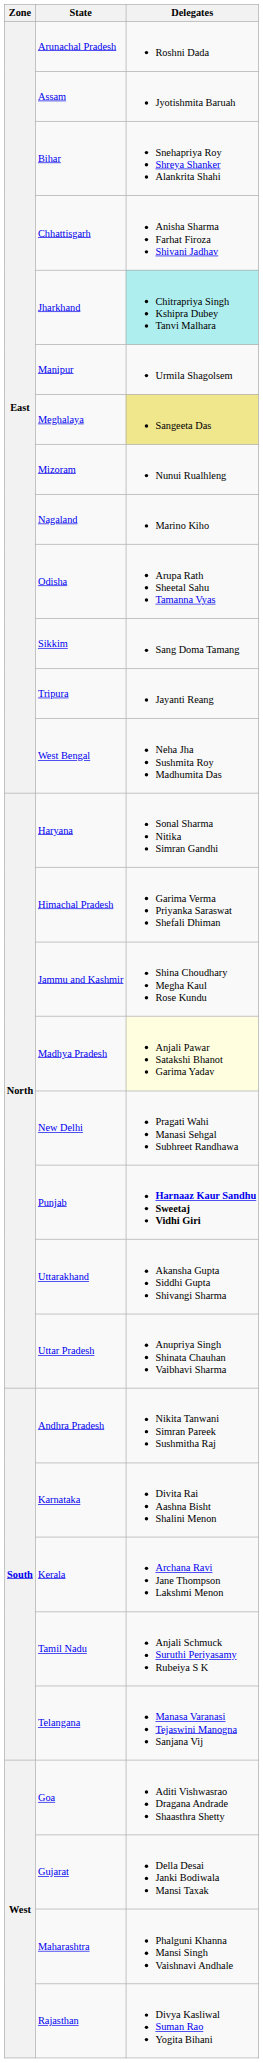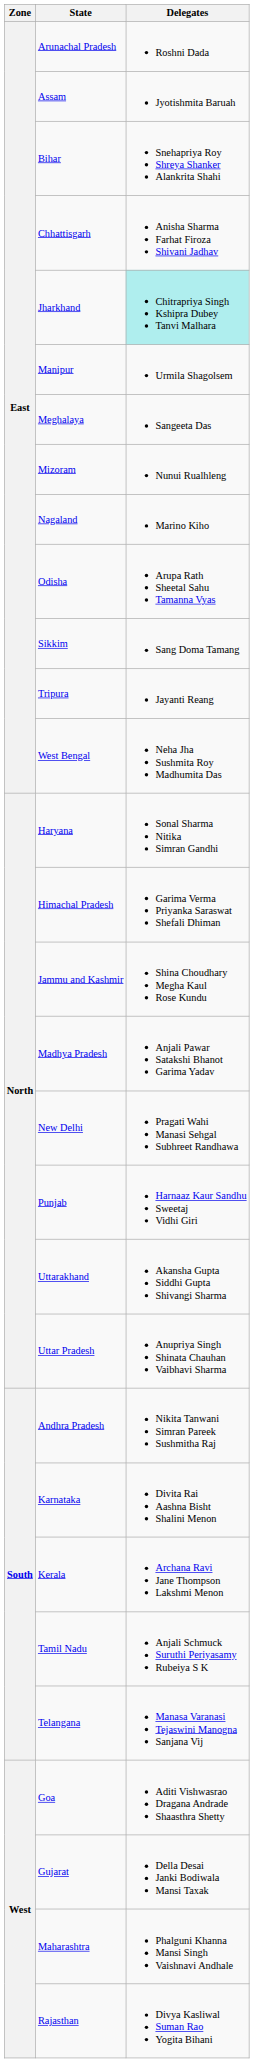 <table class="wikitable sortable" style="font-size: 95%;">
 <tr>
 <th>Zone</th>
 <th>State</th>
 <th>Delegates</th>
 </tr>
 <tr>
 <th rowspan=13>East</th>
 <td><a href='#'>Arunachal Pradesh</a></td>
 <td><br><ul><li>Roshni Dada</li></ul></td>
 </tr>
 <tr>
 <td><a href='#'>Assam</a></td>
 <td><br><ul><li>Jyotishmita Baruah</li></ul></td>
 </tr>
 <tr>
 <td><a href='#'>Bihar</a></td>
 <td><br><ul><li>Snehapriya Roy</li><li><a href='#'>Shreya Shanker</a></li><li>Alankrita Shahi</li></ul></td>
 </tr>
 <tr>
 <td><a href='#'>Chhattisgarh</a></td>
 <td><br><ul><li>Anisha Sharma</li><li>Farhat Firoza</li><li><a href='#'>Shivani Jadhav</a></li></ul></td>
 </tr>
 <tr>
 <td><a href='#'>Jharkhand</a></td>
 <td style="background: paleturquoise;"><br><ul><li>Chitrapriya Singh</li><li>Kshipra Dubey</li><li>Tanvi Malhara</li></ul></td>
 </tr>
 <tr>
 <td><a href='#'>Manipur</a></td>
 <td><br><ul><li>Urmila Shagolsem</li></ul></td>
 </tr>
 <tr>
 <td><a href='#'>Meghalaya</a></td>
-<td style="background: khaki;"><br><ul><li>Sangeeta Das</li></ul></td>
+<td><br><ul><li>Sangeeta Das</li></ul></td>
 </tr>
 <tr>
 <td><a href='#'>Mizoram</a></td>
 <td><br><ul><li>Nunui Rualhleng</li></ul></td>
 </tr>
 <tr>
 <td><a href='#'>Nagaland</a></td>
 <td><br><ul><li>Marino Kiho</li></ul></td>
 </tr>
 <tr>
 <td><a href='#'>Odisha</a></td>
 <td><br><ul><li>Arupa Rath</li><li>Sheetal Sahu</li><li><a href='#'>Tamanna Vyas</a></li></ul></td>
 </tr>
 <tr>
 <td><a href='#'>Sikkim</a></td>
 <td><br><ul><li>Sang Doma Tamang</li></ul></td>
 </tr>
 <tr>
 <td><a href='#'>Tripura</a></td>
 <td><br><ul><li>Jayanti Reang</li></ul></td>
 </tr>
 <tr>
 <td><a href='#'>West Bengal</a></td>
 <td><br><ul><li>Neha Jha</li><li>Sushmita Roy</li><li>Madhumita Das</li></ul></td>
 </tr>
 <tr>
 <th rowspan=8>North</th>
 <td><a href='#'>Haryana</a></td>
 <td><br><ul><li>Sonal Sharma</li><li>Nitika</li><li>Simran Gandhi</li></ul></td>
 </tr>
 <tr>
 <td><a href='#'>Himachal Pradesh</a></td>
 <td><br><ul><li>Garima Verma</li><li>Priyanka Saraswat</li><li>Shefali Dhiman</li></ul></td>
 </tr>
 <tr>
 <td><a href='#'>Jammu and Kashmir</a></td>
 <td><br><ul><li>Shina Choudhary</li><li>Megha Kaul</li><li>Rose Kundu</li></ul></td>
 </tr>
 <tr>
 <td><a href='#'>Madhya Pradesh</a></td>
-<td style="background: lightyellow;"><br><ul><li>Anjali Pawar</li><li>Satakshi Bhanot</li><li>Garima Yadav</li></ul></td>
+<td><br><ul><li>Anjali Pawar</li><li>Satakshi Bhanot</li><li>Garima Yadav</li></ul></td>
 </tr>
 <tr>
 <td><a href='#'>New Delhi</a></td>
 <td><br><ul><li>Pragati Wahi</li><li>Manasi Sehgal</li><li>Subhreet Randhawa</li></ul></td>
 </tr>
 <tr>
 <td><a href='#'>Punjab</a></td>
-<td><strong><br><ul><li><a href='#'>Harnaaz Kaur Sandhu</a></li><li>Sweetaj</li><li>Vidhi Giri</li></ul></strong></td>
+<td><br><ul><li><a href='#'>Harnaaz Kaur Sandhu</a></li><li>Sweetaj</li><li>Vidhi Giri</li></ul></td>
 </tr>
 <tr>
 <td><a href='#'>Uttarakhand</a></td>
 <td><br><ul><li>Akansha Gupta</li><li>Siddhi Gupta</li><li>Shivangi Sharma</li></ul></td>
 </tr>
 <tr>
 <td><a href='#'>Uttar Pradesh</a></td>
 <td><br><ul><li>Anupriya Singh</li><li>Shinata Chauhan</li><li>Vaibhavi Sharma</li></ul></td>
 </tr>
 <tr>
 <th rowspan=5><a href='#'>South</a></th>
 <td><a href='#'>Andhra Pradesh</a></td>
 <td><br><ul><li>Nikita Tanwani</li><li>Simran Pareek</li><li>Sushmitha Raj</li></ul></td>
 </tr>
 <tr>
 <td><a href='#'>Karnataka</a></td>
 <td><br><ul><li>Divita Rai</li><li>Aashna Bisht</li><li>Shalini Menon</li></ul></td>
 </tr>
 <tr>
 <td><a href='#'>Kerala</a></td>
 <td><br><ul><li><a href='#'>Archana Ravi</a></li><li>Jane Thompson</li><li>Lakshmi Menon</li></ul></td>
 </tr>
 <tr>
 <td><a href='#'>Tamil Nadu</a></td>
 <td><br><ul><li>Anjali Schmuck</li><li><a href='#'>Suruthi Periyasamy</a></li><li>Rubeiya S K</li></ul></td>
 </tr>
 <tr>
 <td><a href='#'>Telangana</a></td>
 <td><br><ul><li><a href='#'>Manasa Varanasi</a></li><li><a href='#'>Tejaswini Manogna</a></li><li>Sanjana Vij</li></ul></td>
 </tr>
 <tr>
 <th rowspan=4>West</th>
 <td><a href='#'>Goa</a></td>
 <td><br><ul><li>Aditi Vishwasrao</li><li>Dragana Andrade</li><li>Shaasthra Shetty</li></ul></td>
 </tr>
 <tr>
 <td><a href='#'>Gujarat</a></td>
 <td><br><ul><li>Della Desai</li><li>Janki Bodiwala</li><li>Mansi Taxak</li></ul></td>
 </tr>
 <tr>
 <td><a href='#'>Maharashtra</a></td>
 <td><br><ul><li>Phalguni Khanna</li><li>Mansi Singh</li><li>Vaishnavi Andhale</li></ul></td>
 </tr>
 <tr>
 <td><a href='#'>Rajasthan</a></td>
 <td><br><ul><li>Divya Kasliwal</li><li><a href='#'>Suman Rao</a></li><li>Yogita Bihani</li></ul></td>
 </tr>
 </table>
